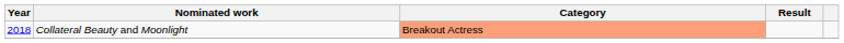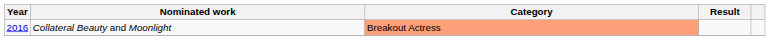 <table class="wikitable">
 <tr>
 <th scope="col" style="width:1em;">Year</th>
 <th scope="col" style="width:35em;">Nominated work</th>
 <th scope="col" style="width:35em;">Category</th>
 <th scope="col" style="width:5em;">Result</th>
 <th scope="col" style="width:1em;"></th>
 </tr>
 <tr>
-<td><a href='#'>2018</a></td>
+<td><a href='#'>2016</a></td>
 <td><em>Collateral Beauty</em> and <em>Moonlight</em></td>
 <td style="background: lightsalmon;">Breakout Actress</td>
 <td></td>
 <td></td>
 </tr>
 <tr>
 </tr>
 </table>
